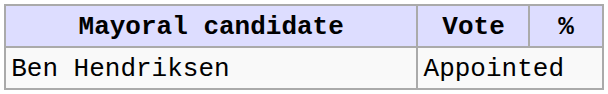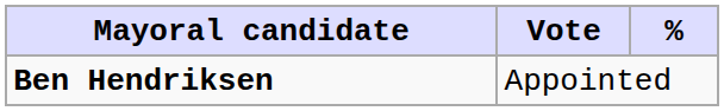 <table class="wikitable">
 <tr>
 <th style="background:#ddf; width:200px;">Mayoral candidate</th>
 <th style="background:#ddf; width:50px;">Vote</th>
 <th style="background:#ddf; width:30px;">%</th>
 </tr>
 <tr>
-<td>Ben Hendriksen</td>
+<td><strong>Ben Hendriksen</strong></td>
 <td colspan="2">Appointed</td>
 </tr>
 </table>
